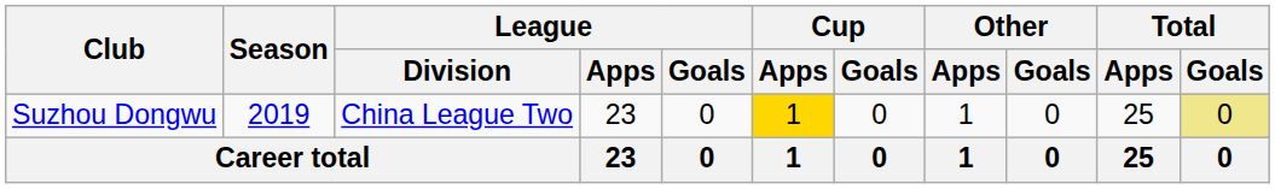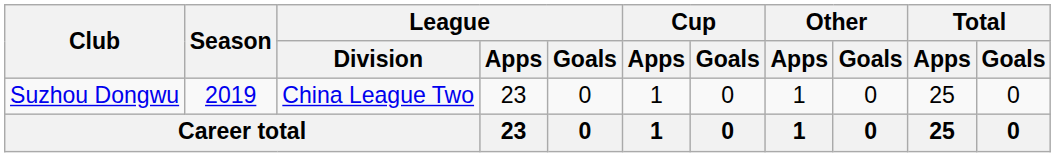 <table class="wikitable" style="text-align: center">
 <tr>
 <th rowspan="2">Club</th>
 <th rowspan="2">Season</th>
 <th colspan="3">League</th>
 <th colspan="2">Cup</th>
 <th colspan="2">Other</th>
 <th colspan="2">Total</th>
 </tr>
 <tr>
 <th>Division</th>
 <th>Apps</th>
 <th>Goals</th>
 <th>Apps</th>
 <th>Goals</th>
 <th>Apps</th>
 <th>Goals</th>
 <th>Apps</th>
 <th>Goals</th>
 </tr>
 <tr>
 <td><a href='#'>Suzhou Dongwu</a></td>
 <td><a href='#'>2019</a></td>
 <td><a href='#'>China League Two</a></td>
 <td>23</td>
 <td>0</td>
-<td style="background: gold;">1</td>
+<td>1</td>
 <td>0</td>
 <td>1</td>
 <td>0</td>
 <td>25</td>
-<td style="background: khaki;">0</td>
+<td>0</td>
 </tr>
 <tr>
 <th colspan=3>Career total</th>
 <th>23</th>
 <th>0</th>
 <th>1</th>
 <th>0</th>
 <th>1</th>
 <th>0</th>
 <th>25</th>
 <th>0</th>
 </tr>
 </table>
